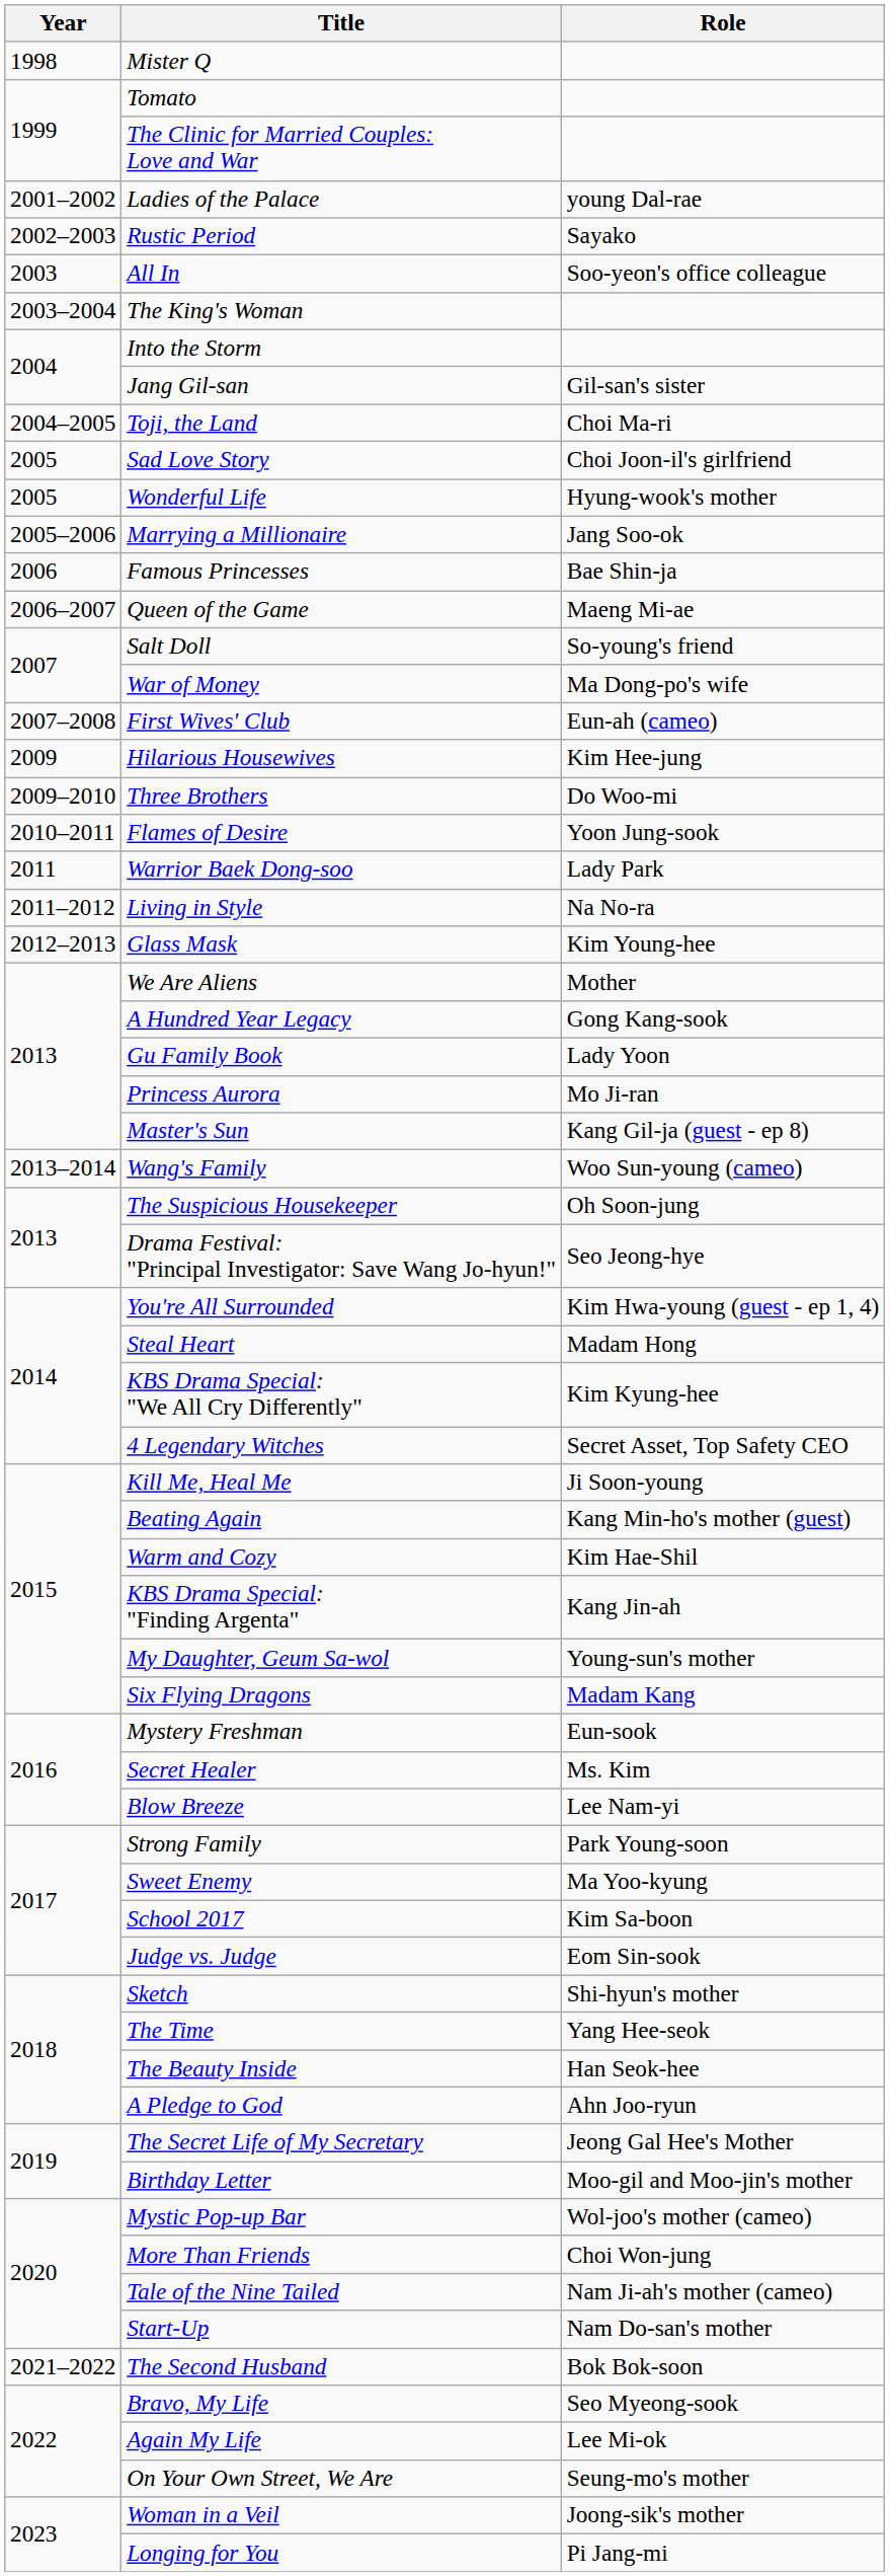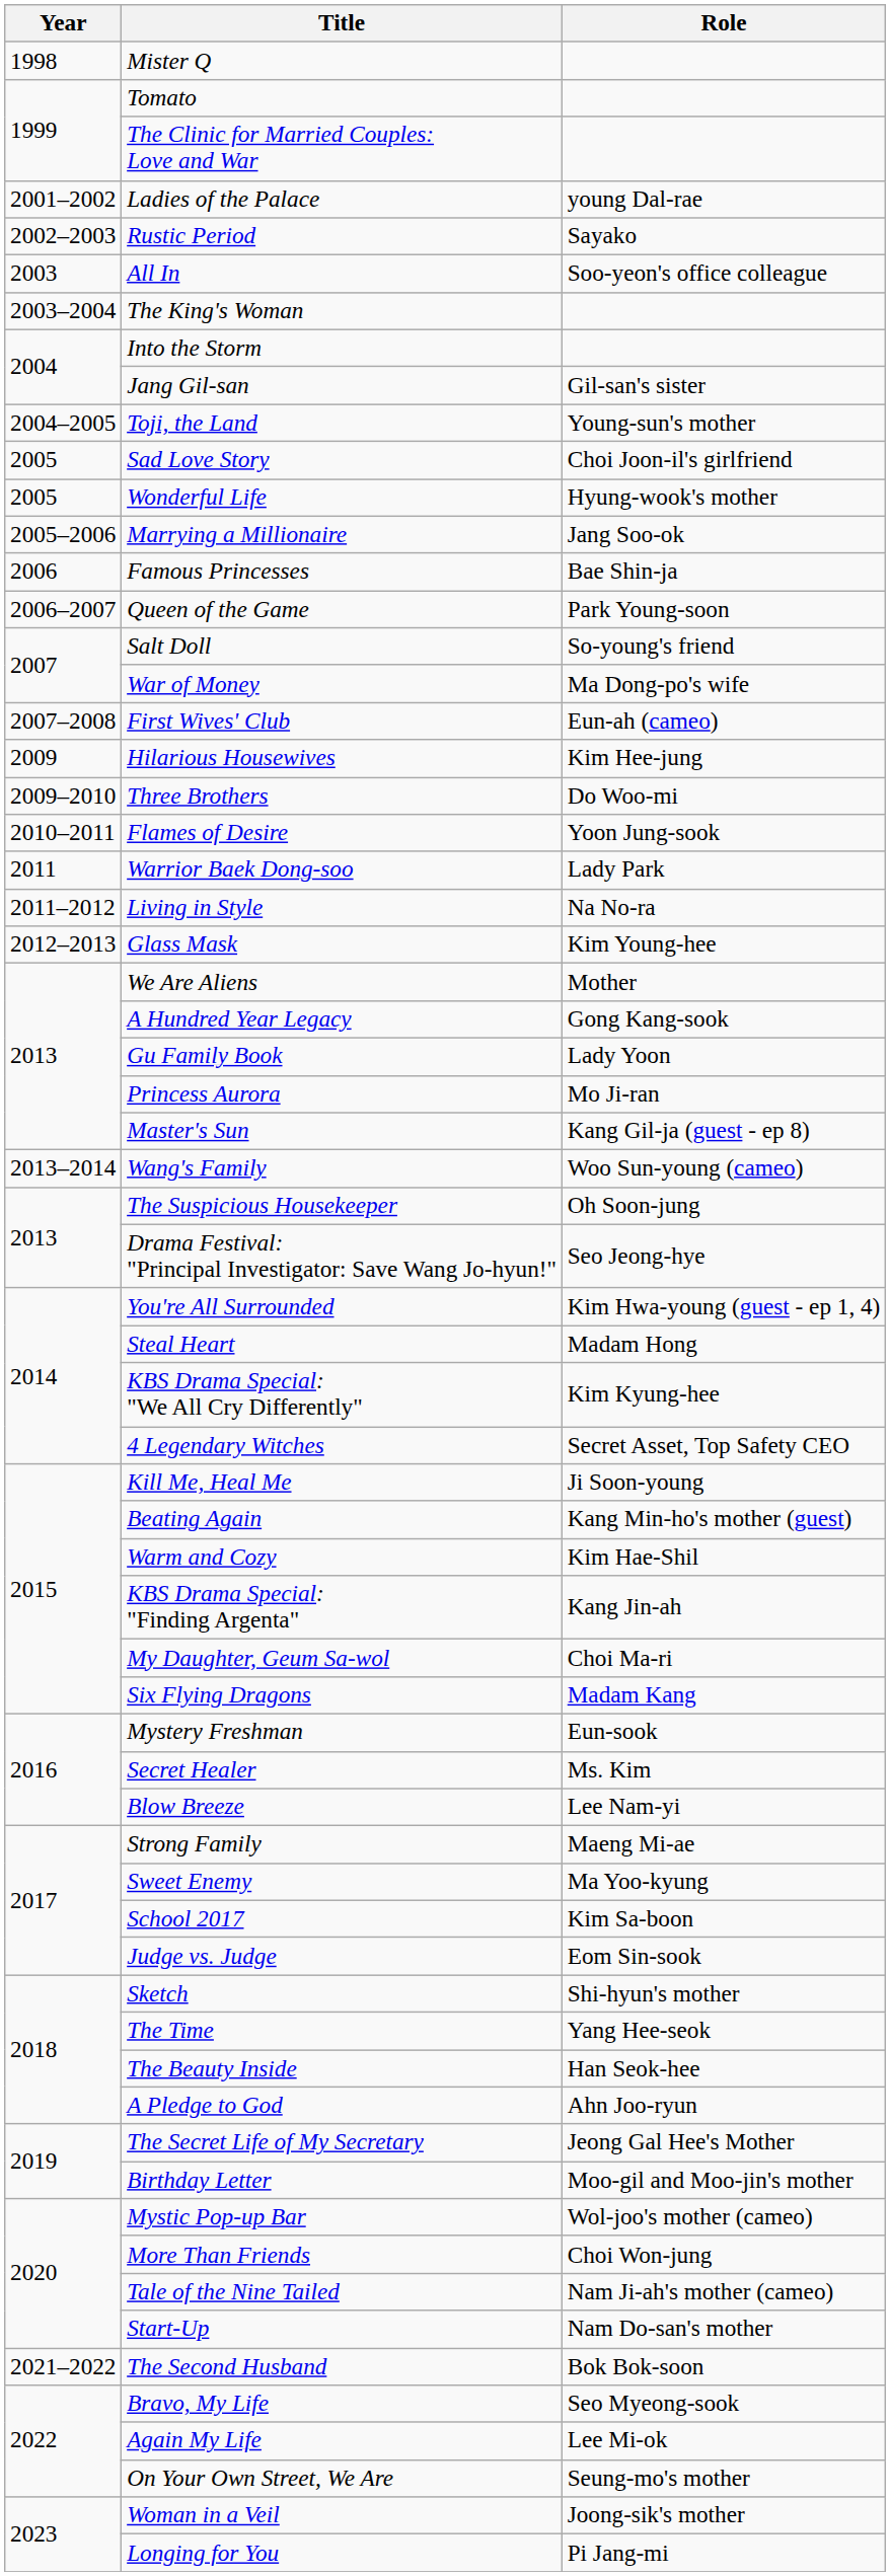 <table class="wikitable sortable">
 <tr>
 <th>Year</th>
 <th>Title</th>
 <th>Role</th>
 </tr>
 <tr>
 <td>1998</td>
 <td><em>Mister Q</em></td>
 <td></td>
 </tr>
 <tr>
 <td rowspan=2>1999</td>
 <td><em>Tomato</em></td>
 <td></td>
 </tr>
 <tr>
 <td><em><a href='#'>The Clinic for Married Couples:<br>Love and War</a></em></td>
 <td></td>
 </tr>
 <tr>
 <td>2001–2002</td>
 <td><em>Ladies of the Palace</em></td>
 <td>young Dal-rae</td>
 </tr>
 <tr>
 <td>2002–2003</td>
 <td><em><a href='#'>Rustic Period</a></em></td>
 <td>Sayako</td>
 </tr>
 <tr>
 <td>2003</td>
 <td><em><a href='#'>All In</a></em></td>
 <td>Soo-yeon's office colleague</td>
 </tr>
 <tr>
 <td>2003–2004</td>
 <td><em>The King's Woman</em></td>
 <td></td>
 </tr>
 <tr>
 <td rowspan=2>2004</td>
 <td><em>Into the Storm</em></td>
 <td></td>
 </tr>
 <tr>
 <td><em>Jang Gil-san</em></td>
 <td>Gil-san's sister</td>
 </tr>
 <tr>
 <td>2004–2005</td>
 <td><em><a href='#'>Toji, the Land</a></em></td>
-<td>Choi Ma-ri</td>
+<td>Young-sun's mother</td>
 </tr>
 <tr>
 <td>2005</td>
 <td><em><a href='#'>Sad Love Story</a></em></td>
 <td>Choi Joon-il's girlfriend</td>
 </tr>
 <tr>
 <td>2005</td>
 <td><em><a href='#'>Wonderful Life</a></em></td>
 <td>Hyung-wook's mother</td>
 </tr>
 <tr>
 <td>2005–2006</td>
 <td><em><a href='#'>Marrying a Millionaire</a></em></td>
 <td>Jang Soo-ok</td>
 </tr>
 <tr>
 <td>2006</td>
 <td><em>Famous Princesses</em></td>
 <td>Bae Shin-ja</td>
 </tr>
 <tr>
 <td>2006–2007</td>
 <td><em>Queen of the Game</em></td>
-<td>Maeng Mi-ae</td>
+<td>Park Young-soon</td>
 </tr>
 <tr>
 <td rowspan=2>2007</td>
 <td><em>Salt Doll</em></td>
 <td>So-young's friend</td>
 </tr>
 <tr>
 <td><em><a href='#'>War of Money</a></em></td>
 <td>Ma Dong-po's wife</td>
 </tr>
 <tr>
 <td>2007–2008</td>
 <td><em><a href='#'>First Wives' Club</a></em></td>
 <td>Eun-ah (<a href='#'>cameo</a>)</td>
 </tr>
 <tr>
 <td>2009</td>
 <td><em><a href='#'>Hilarious Housewives</a></em></td>
 <td>Kim Hee-jung</td>
 </tr>
 <tr>
 <td>2009–2010</td>
 <td><em><a href='#'>Three Brothers</a></em></td>
 <td>Do Woo-mi</td>
 </tr>
 <tr>
 <td>2010–2011</td>
 <td><em><a href='#'>Flames of Desire</a></em></td>
 <td>Yoon Jung-sook</td>
 </tr>
 <tr>
 <td>2011</td>
 <td><em><a href='#'>Warrior Baek Dong-soo</a></em></td>
 <td>Lady Park</td>
 </tr>
 <tr>
 <td>2011–2012</td>
 <td><em><a href='#'>Living in Style</a></em></td>
 <td>Na No-ra</td>
 </tr>
 <tr>
 <td>2012–2013</td>
 <td><em><a href='#'>Glass Mask</a></em></td>
 <td>Kim Young-hee</td>
 </tr>
 <tr>
 <td rowspan=5>2013</td>
 <td><em>We Are Aliens</em></td>
 <td>Mother</td>
 </tr>
 <tr>
 <td><em><a href='#'>A Hundred Year Legacy</a></em></td>
 <td>Gong Kang-sook</td>
 </tr>
 <tr>
 <td><em><a href='#'>Gu Family Book</a></em></td>
 <td>Lady Yoon</td>
 </tr>
 <tr>
 <td><em><a href='#'>Princess Aurora</a></em></td>
 <td>Mo Ji-ran</td>
 </tr>
 <tr>
 <td><em><a href='#'>Master's Sun</a></em></td>
 <td>Kang Gil-ja (<a href='#'>guest</a> - ep 8)</td>
 </tr>
 <tr>
 <td>2013–2014</td>
 <td><em><a href='#'>Wang's Family</a></em></td>
 <td>Woo Sun-young (<a href='#'>cameo</a>)</td>
 </tr>
 <tr>
 <td rowspan=2>2013</td>
 <td><em><a href='#'>The Suspicious Housekeeper</a></em></td>
 <td>Oh Soon-jung</td>
 </tr>
 <tr>
 <td><em>Drama Festival:</em><br>"Principal Investigator: Save Wang Jo-hyun!"</td>
 <td>Seo Jeong-hye</td>
 </tr>
 <tr>
 <td rowspan=4>2014</td>
 <td><em><a href='#'>You're All Surrounded</a></em></td>
 <td>Kim Hwa-young (<a href='#'>guest</a> - ep 1, 4)</td>
 </tr>
 <tr>
 <td><em><a href='#'>Steal Heart</a></em></td>
 <td>Madam Hong</td>
 </tr>
 <tr>
 <td><em><a href='#'>KBS Drama Special</a>:</em><br>"We All Cry Differently"</td>
 <td>Kim Kyung-hee</td>
 </tr>
 <tr>
 <td><em><a href='#'>4 Legendary Witches</a></em></td>
 <td>Secret Asset, Top Safety CEO</td>
 </tr>
 <tr>
 <td rowspan="6">2015</td>
 <td><em><a href='#'>Kill Me, Heal Me</a></em></td>
 <td>Ji Soon-young</td>
 </tr>
 <tr>
 <td><em><a href='#'>Beating Again</a></em></td>
 <td>Kang Min-ho's mother (<a href='#'>guest</a>)</td>
 </tr>
 <tr>
 <td><em><a href='#'>Warm and Cozy</a></em></td>
 <td>Kim Hae-Shil</td>
 </tr>
 <tr>
 <td><em><a href='#'>KBS Drama Special</a>:</em><br>"Finding Argenta"</td>
 <td>Kang Jin-ah</td>
 </tr>
 <tr>
 <td><em><a href='#'>My Daughter, Geum Sa-wol</a></em></td>
-<td>Young-sun's mother</td>
+<td>Choi Ma-ri</td>
 </tr>
 <tr>
 <td><em><a href='#'>Six Flying Dragons</a></em></td>
 <td><a href='#'>Madam Kang</a></td>
 </tr>
 <tr>
 <td rowspan="3">2016</td>
 <td><em>Mystery Freshman</em></td>
 <td>Eun-sook</td>
 </tr>
 <tr>
 <td><em><a href='#'>Secret Healer</a></em></td>
 <td>Ms. Kim</td>
 </tr>
 <tr>
 <td><em><a href='#'>Blow Breeze</a></em></td>
 <td>Lee Nam-yi</td>
 </tr>
 <tr>
 <td rowspan="4">2017</td>
 <td><em>Strong Family</em></td>
-<td>Park Young-soon</td>
+<td>Maeng Mi-ae</td>
 </tr>
 <tr>
 <td><em><a href='#'>Sweet Enemy</a></em></td>
 <td>Ma Yoo-kyung</td>
 </tr>
 <tr>
 <td><em><a href='#'>School 2017</a></em></td>
 <td>Kim Sa-boon</td>
 </tr>
 <tr>
 <td><em><a href='#'>Judge vs. Judge</a></em></td>
 <td>Eom Sin-sook</td>
 </tr>
 <tr>
 <td rowspan=4>2018</td>
 <td><em><a href='#'>Sketch</a></em></td>
 <td>Shi-hyun's mother</td>
 </tr>
 <tr>
 <td><em><a href='#'>The Time</a></em></td>
 <td>Yang Hee-seok</td>
 </tr>
 <tr>
 <td><em><a href='#'>The Beauty Inside</a></em></td>
 <td>Han Seok-hee</td>
 </tr>
 <tr>
 <td><em><a href='#'>A Pledge to God</a></em></td>
 <td>Ahn Joo-ryun</td>
 </tr>
 <tr>
 <td rowspan="2">2019</td>
 <td><em><a href='#'>The Secret Life of My Secretary</a></em></td>
 <td>Jeong Gal Hee's Mother</td>
 </tr>
 <tr>
 <td><em><a href='#'>Birthday Letter</a></em></td>
 <td>Moo-gil and Moo-jin's mother</td>
 </tr>
 <tr>
 <td rowspan="4">2020</td>
 <td><em><a href='#'>Mystic Pop-up Bar</a></em></td>
 <td>Wol-joo's mother (cameo)</td>
 </tr>
 <tr>
 <td><em><a href='#'>More Than Friends</a></em></td>
 <td>Choi Won-jung</td>
 </tr>
 <tr>
 <td><em><a href='#'>Tale of the Nine Tailed</a></em></td>
 <td>Nam Ji-ah's mother (cameo)</td>
 </tr>
 <tr>
 <td><em><a href='#'>Start-Up</a></em></td>
 <td>Nam Do-san's mother</td>
 </tr>
 <tr>
 <td>2021–2022</td>
 <td><em><a href='#'>The Second Husband</a></em></td>
 <td>Bok Bok-soon</td>
 </tr>
 <tr>
 <td rowspan="3">2022</td>
 <td><em><a href='#'>Bravo, My Life</a></em></td>
 <td>Seo Myeong-sook</td>
 </tr>
 <tr>
 <td><em><a href='#'>Again My Life</a></em></td>
 <td>Lee Mi-ok</td>
 </tr>
 <tr>
 <td><em>On Your Own Street, We Are</em></td>
 <td>Seung-mo's mother</td>
 </tr>
 <tr>
 <td rowspan="2">2023</td>
 <td><em><a href='#'>Woman in a Veil</a></em></td>
 <td>Joong-sik's mother</td>
 </tr>
 <tr>
 <td><em><a href='#'>Longing for You</a></em></td>
 <td>Pi Jang-mi</td>
 </tr>
 </table>
